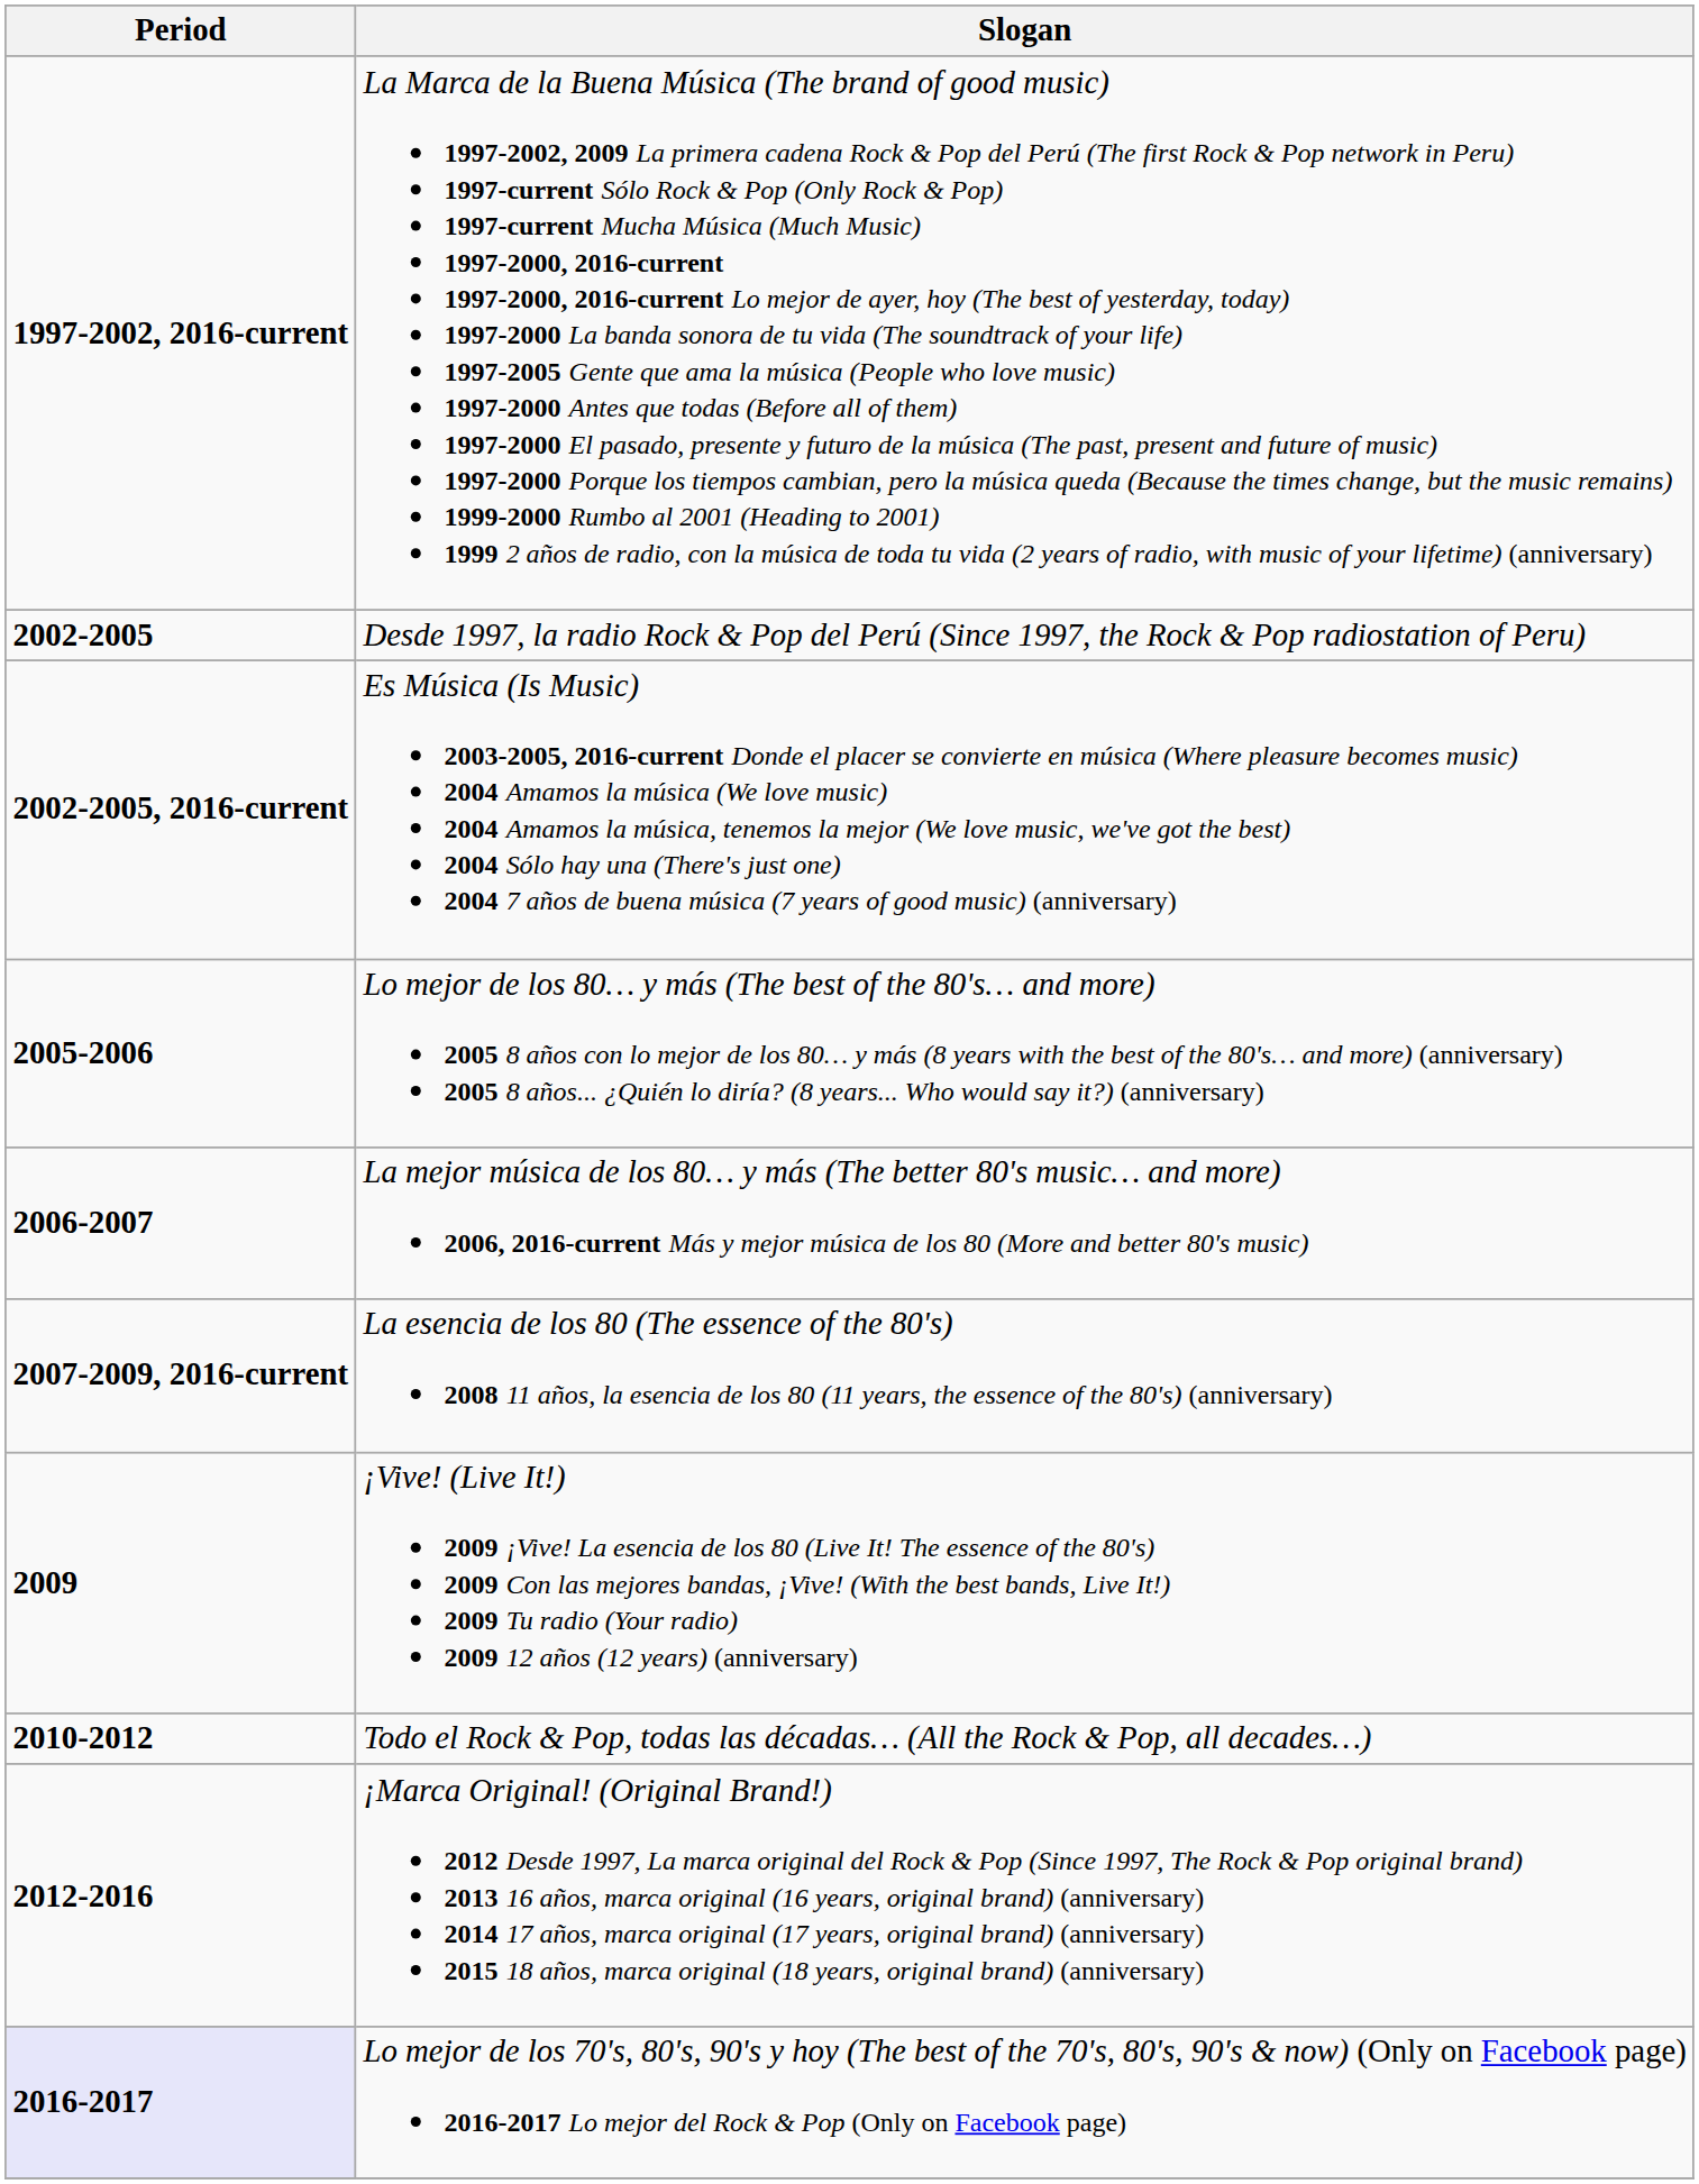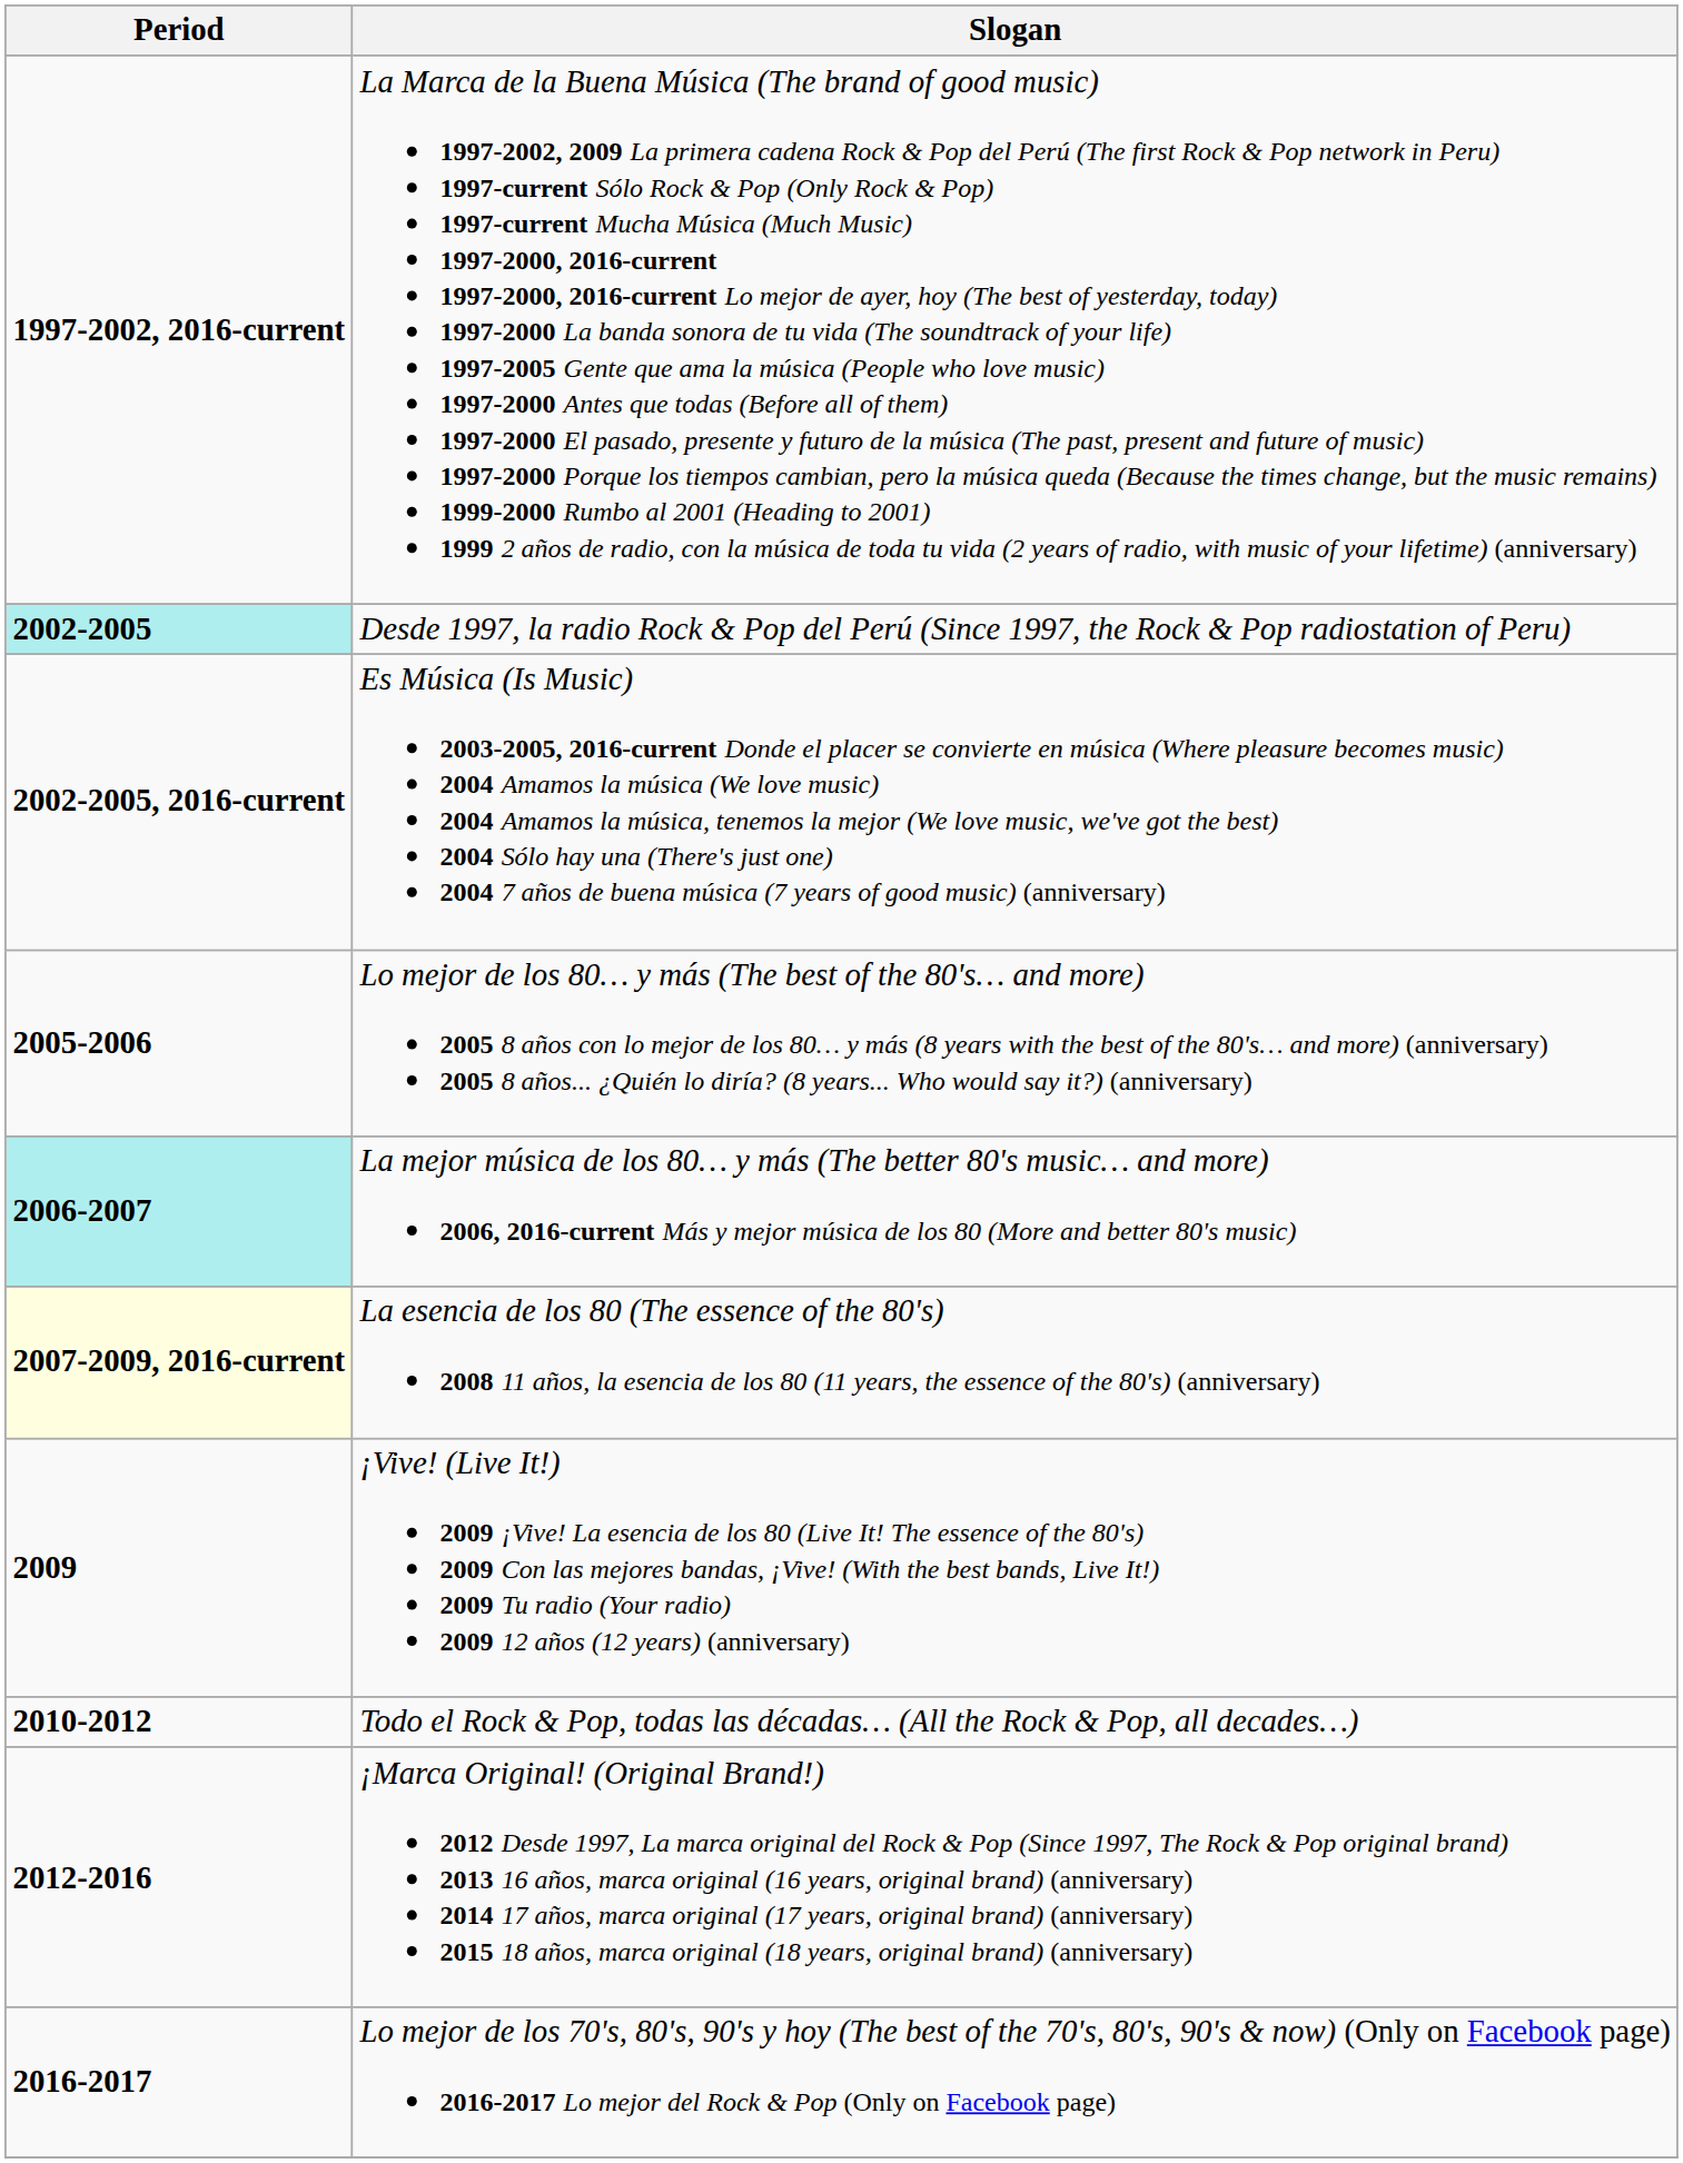 <table class="wikitable">
 <tr>
 <th>Period</th>
 <th>Slogan</th>
 </tr>
 <tr>
 <td><strong>1997-2002, 2016-current</strong></td>
 <td><em>La Marca de la Buena Música</em> <em>(The brand of good music)</em><br><ul><li><small><strong>1997-2002, 2009</strong></small> <small><em>La primera cadena Rock & Pop del Perú</em> <em>(The first Rock & Pop network in Peru)</em></small></li><li><small><strong>1997-current</strong></small> <small><em>Sólo Rock & Pop</em> <em>(Only Rock & Pop)</em></small></li><li><small><strong>1997-current</strong></small> <small><em>Mucha Música</em> <em>(Much Music)</em></small></li><li><small><strong>1997-2000, 2016-current</strong></small> <small></small></li><li><small><strong>1997-2000, 2016-current</strong></small> <small><em>Lo mejor de ayer, hoy</em> <em>(The best of yesterday, today)</em></small></li><li><small><strong>1997-2000</strong></small> <small><em>La banda sonora de tu vida</em> <em>(The soundtrack of your life)</em></small></li><li><small><strong>1997-2005</strong></small> <small><em>Gente que ama la música</em> <em>(People who love music)</em></small></li><li><small><strong>1997-2000</strong></small> <small><em>Antes que todas</em> <em>(Before all of them)</em></small></li><li><small><strong>1997-2000</strong></small> <small><em>El pasado, presente y futuro de la música</em> <em>(The past, present and future of music) </em></small></li><li><small><strong>1997-2000</strong></small> <small><em>Porque los tiempos cambian, pero la música queda</em> <em>(Because the times change, but the music remains)</em></small></li><li><small><strong>1999-2000</strong></small> <small><em>Rumbo al 2001</em> <em>(Heading to 2001)</em></small></li><li><small><strong>1999</strong></small> <small> <em>2 años de radio, con la música de toda tu vida</em> <em>(2 years of radio, with music of your lifetime)</em> (anniversary)</small></li></ul></td>
 </tr>
 <tr>
-<td><strong>2002-2005</strong></td>
+<td style="background: paleturquoise;"><strong>2002-2005</strong></td>
 <td><em>Desde 1997, la radio Rock & Pop del Perú</em> <em>(Since 1997, the Rock & Pop radiostation of Peru)</em></td>
 </tr>
 <tr>
 <td><strong>2002-2005, 2016-current</strong></td>
 <td><em>Es Música</em> <em>(Is Music)</em><br><ul><li><small><strong>2003-2005, 2016-current</strong></small> <small><em>Donde el placer se convierte en música</em> <em>(Where pleasure becomes music)</em></small></li><li><small><strong>2004</strong></small> <small><em>Amamos la música</em> <em>(We love music)</em></small></li><li><small><strong>2004</strong></small> <small><em>Amamos la música, tenemos la mejor</em> <em>(We love music, we've got the best)</em></small></li><li><small><strong>2004</strong></small>  <small><em>Sólo hay una</em> <em>(There's just one)</em></small></li><li><small><strong>2004</strong></small> <small><em>7 años de buena música</em> <em>(7 years of good music)</em> (anniversary)</small></li></ul></td>
 </tr>
 <tr>
 <td><strong>2005-2006</strong></td>
 <td><em>Lo mejor de los 80… y más</em> <em>(The best of the 80's… and more)</em><br><ul><li><small><strong>2005</strong></small> <small><em>8 años con lo mejor de los 80… y más</em> <em>(8 years with the best of the 80's… and more)</em> (anniversary)</small></li><li><small><strong>2005</strong></small> <small><em>8 años... ¿Quién lo diría?</em> <em>(8 years... Who would say it?)</em> (anniversary)</small></li></ul></td>
 </tr>
 <tr>
-<td><strong>2006-2007</strong></td>
+<td style="background: paleturquoise;"><strong>2006-2007</strong></td>
 <td><em>La mejor música de los 80… y más</em> <em>(The better 80's music… and more)</em><br><ul><li><small><strong>2006, 2016-current</strong></small> <small><em>Más y mejor música de los 80</em> <em>(More and better 80's music)</em></small></li></ul></td>
 </tr>
 <tr>
-<td><strong>2007-2009, 2016-current</strong></td>
+<td style="background: lightyellow;"><strong>2007-2009, 2016-current</strong></td>
 <td><em>La esencia de los 80</em> <em>(The essence of the 80's)</em><br><ul><li><small><strong>2008</strong></small> <small><em>11 años, la esencia de los 80</em> <em>(11 years, the essence of the 80's)</em> (anniversary)</small></li></ul></td>
 </tr>
 <tr>
 <td><strong>2009</strong></td>
 <td><em>¡Vive!</em> <em>(Live It!)</em><br><ul><li><small><strong>2009</strong></small> <small><em>¡Vive! La esencia de los 80</em> <em>(Live It! The essence of the 80's)</em></small></li><li><small><strong>2009</strong></small> <small><em>Con las mejores bandas, ¡Vive!</em> <em>(With the best bands, Live It!)</em></small></li><li><small><strong>2009</strong></small> <small><em>Tu radio</em> <em>(Your radio)</em></small></li><li><small><strong>2009</strong></small> <small><em>12 años</em> <em>(12 years)</em> (anniversary)</small></li></ul></td>
 </tr>
 <tr>
 <td><strong>2010-2012</strong></td>
 <td><em>Todo el Rock & Pop, todas las décadas…</em> <em>(All the Rock & Pop, all decades…)</em></td>
 </tr>
 <tr>
 <td><strong>2012-2016</strong></td>
 <td><em>¡Marca Original!</em> <em>(Original Brand!)</em><br><ul><li><small><strong>2012</strong></small> <small><em>Desde 1997, La marca original del Rock & Pop</em> <em>(Since 1997, The Rock & Pop original brand)</em></small></li><li><small><strong>2013</strong></small> <small><em>16 años, marca original</em> <em>(16 years, original brand)</em> (anniversary)</small></li><li><small><strong>2014</strong></small> <small><em>17 años, marca original</em> <em>(17 years, original brand)</em> (anniversary)</small></li><li><small><strong>2015</strong></small> <small><em>18 años, marca original</em> <em>(18 years, original brand)</em> (anniversary)</small></li></ul></td>
 </tr>
 <tr>
-<td style="background: lavender;"><strong>2016-2017</strong></td>
+<td><strong>2016-2017</strong></td>
 <td><em>Lo mejor de los 70's, 80's, 90's y hoy</em> <em>(The best of the 70's, 80's, 90's & now)</em> (Only on <a href='#'>Facebook</a> page)<br><ul><li><small><strong>2016-2017</strong></small> <small><em>Lo mejor del Rock & Pop</em> (Only on <a href='#'>Facebook</a> page)</small></li></ul></td>
 </tr>
 <tr>
 </tr>
 </table>
